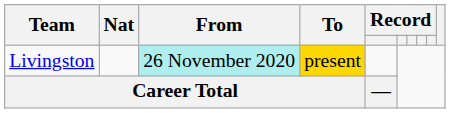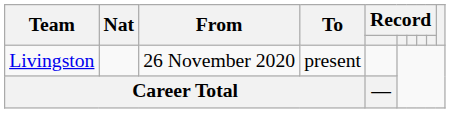 <table class="wikitable" style="text-align: center">
 <tr>
 <th rowspan="2">Team</th>
 <th rowspan="2">Nat</th>
 <th rowspan="2">From</th>
 <th rowspan="2">To</th>
 <th colspan="5">Record</th>
 <th rowspan=2></th>
 </tr>
 <tr>
 <th></th>
 <th></th>
 <th></th>
 <th></th>
 <th></th>
 </tr>
 <tr>
 <td align="center"><a href='#'>Livingston</a></td>
 <td align="center"></td>
-<td align="center" style="background: paleturquoise;">26 November 2020</td>
-<td align="center" style="background: gold;">present<br></td>
+<td align="center">26 November 2020</td>
+<td align="center">present<br></td>
 <td></td>
 </tr>
 <tr>
 <th colspan=4><strong>Career Total</strong><br></th>
 <th>—</th>
 </tr>
 </table>
